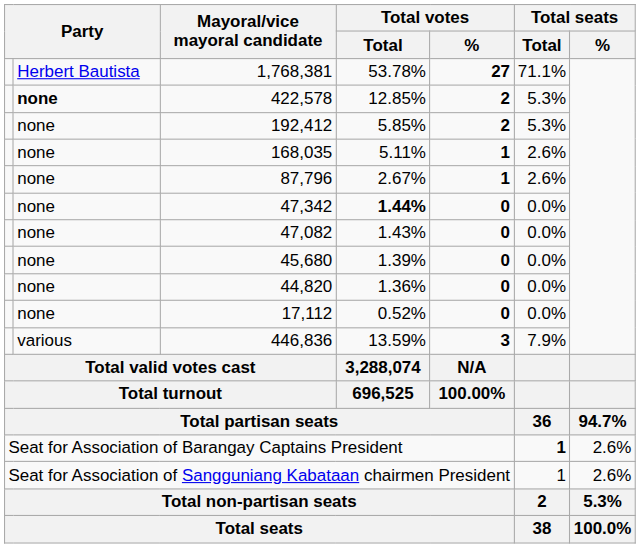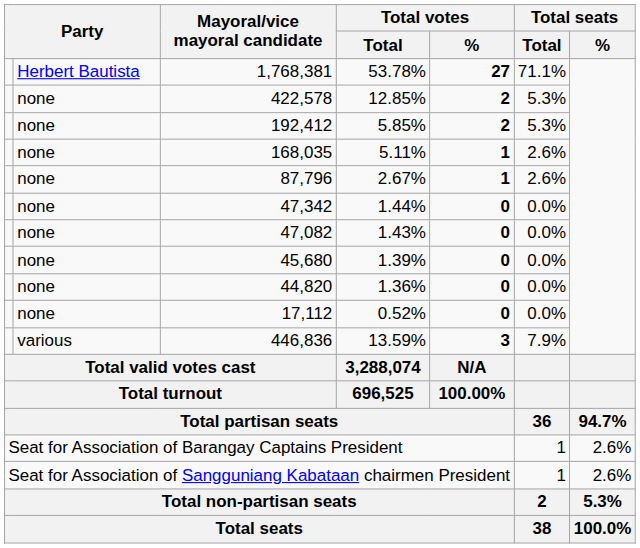 <table class=wikitable style="text-align:right">
 <tr>
 <th rowspan=2 colspan=2>Party</th>
 <th rowspan=2>Mayoral/vice<br>mayoral candidate</th>
 <th colspan=2>Total votes</th>
 <th colspan=2>Total seats</th>
 </tr>
 <tr>
 <th>Total</th>
 <th>%</th>
 <th>Total</th>
 <th>%</th>
 </tr>
 <tr>
 <td></td>
 <td align=left><a href='#'>Herbert Bautista</a></td>
 <td>1,768,381</td>
 <td>53.78%</td>
 <td><strong>27</strong></td>
 <td>71.1%</td>
 </tr>
 <tr>
 <td></td>
-<td align=left><strong>none</strong></td>
+<td align=left>none</td>
 <td>422,578</td>
 <td>12.85%</td>
 <td><strong>2</strong></td>
 <td>5.3%</td>
 </tr>
 <tr>
 <td></td>
 <td align=left>none</td>
 <td>192,412</td>
 <td>5.85%</td>
 <td><strong>2</strong></td>
 <td>5.3%</td>
 </tr>
 <tr>
 <td></td>
 <td align=left>none</td>
 <td>168,035</td>
 <td>5.11%</td>
 <td><strong>1</strong></td>
 <td>2.6%</td>
 </tr>
 <tr>
 <td></td>
 <td align=left>none</td>
 <td>87,796</td>
 <td>2.67%</td>
 <td><strong>1</strong></td>
 <td>2.6%</td>
 </tr>
 <tr>
 <td></td>
 <td align=left>none</td>
 <td>47,342</td>
-<td><strong>1.44%</strong></td>
+<td>1.44%</td>
 <td><strong>0</strong></td>
 <td>0.0%</td>
 </tr>
 <tr>
 <td></td>
 <td align=left>none</td>
 <td>47,082</td>
 <td>1.43%</td>
 <td><strong>0</strong></td>
 <td>0.0%</td>
 </tr>
 <tr>
 <td></td>
 <td align=left>none</td>
 <td>45,680</td>
 <td>1.39%</td>
 <td><strong>0</strong></td>
 <td>0.0%</td>
 </tr>
 <tr>
 <td></td>
 <td align=left>none</td>
 <td>44,820</td>
 <td>1.36%</td>
 <td><strong>0</strong></td>
 <td>0.0%</td>
 </tr>
 <tr>
 <td></td>
 <td align=left>none</td>
 <td>17,112</td>
 <td>0.52%</td>
 <td><strong>0</strong></td>
 <td>0.0%</td>
 </tr>
 <tr>
 <td></td>
 <td align=left>various</td>
 <td>446,836</td>
 <td>13.59%</td>
 <td><strong>3</strong></td>
 <td>7.9%</td>
 </tr>
 <tr>
 <th align=left colspan=3>Total valid votes cast</th>
 <th>3,288,074</th>
 <th>N/A</th>
 <th></th>
 <th></th>
 </tr>
 <tr>
 <th align=left colspan=3>Total turnout</th>
 <th>696,525</th>
 <th>100.00%</th>
 <th></th>
 <th></th>
 </tr>
 <tr>
 <th align=left colspan=5>Total partisan seats</th>
 <th>36</th>
 <th>94.7%</th>
 </tr>
 <tr>
 <td align=left colspan=5>Seat for Association of Barangay Captains President</td>
-<td><strong>1</strong></td>
+<td>1</td>
 <td>2.6%</td>
 </tr>
 <tr>
 <td align=left colspan=5>Seat for Association of <a href='#'>Sangguniang Kabataan</a> chairmen President</td>
 <td>1</td>
 <td>2.6%</td>
 </tr>
 <tr>
 <th align=left colspan=5>Total non-partisan seats</th>
 <th>2</th>
 <th>5.3%</th>
 </tr>
 <tr>
 <th colspan=5>Total seats</th>
 <th>38</th>
 <th>100.0%</th>
 </tr>
 </table>
